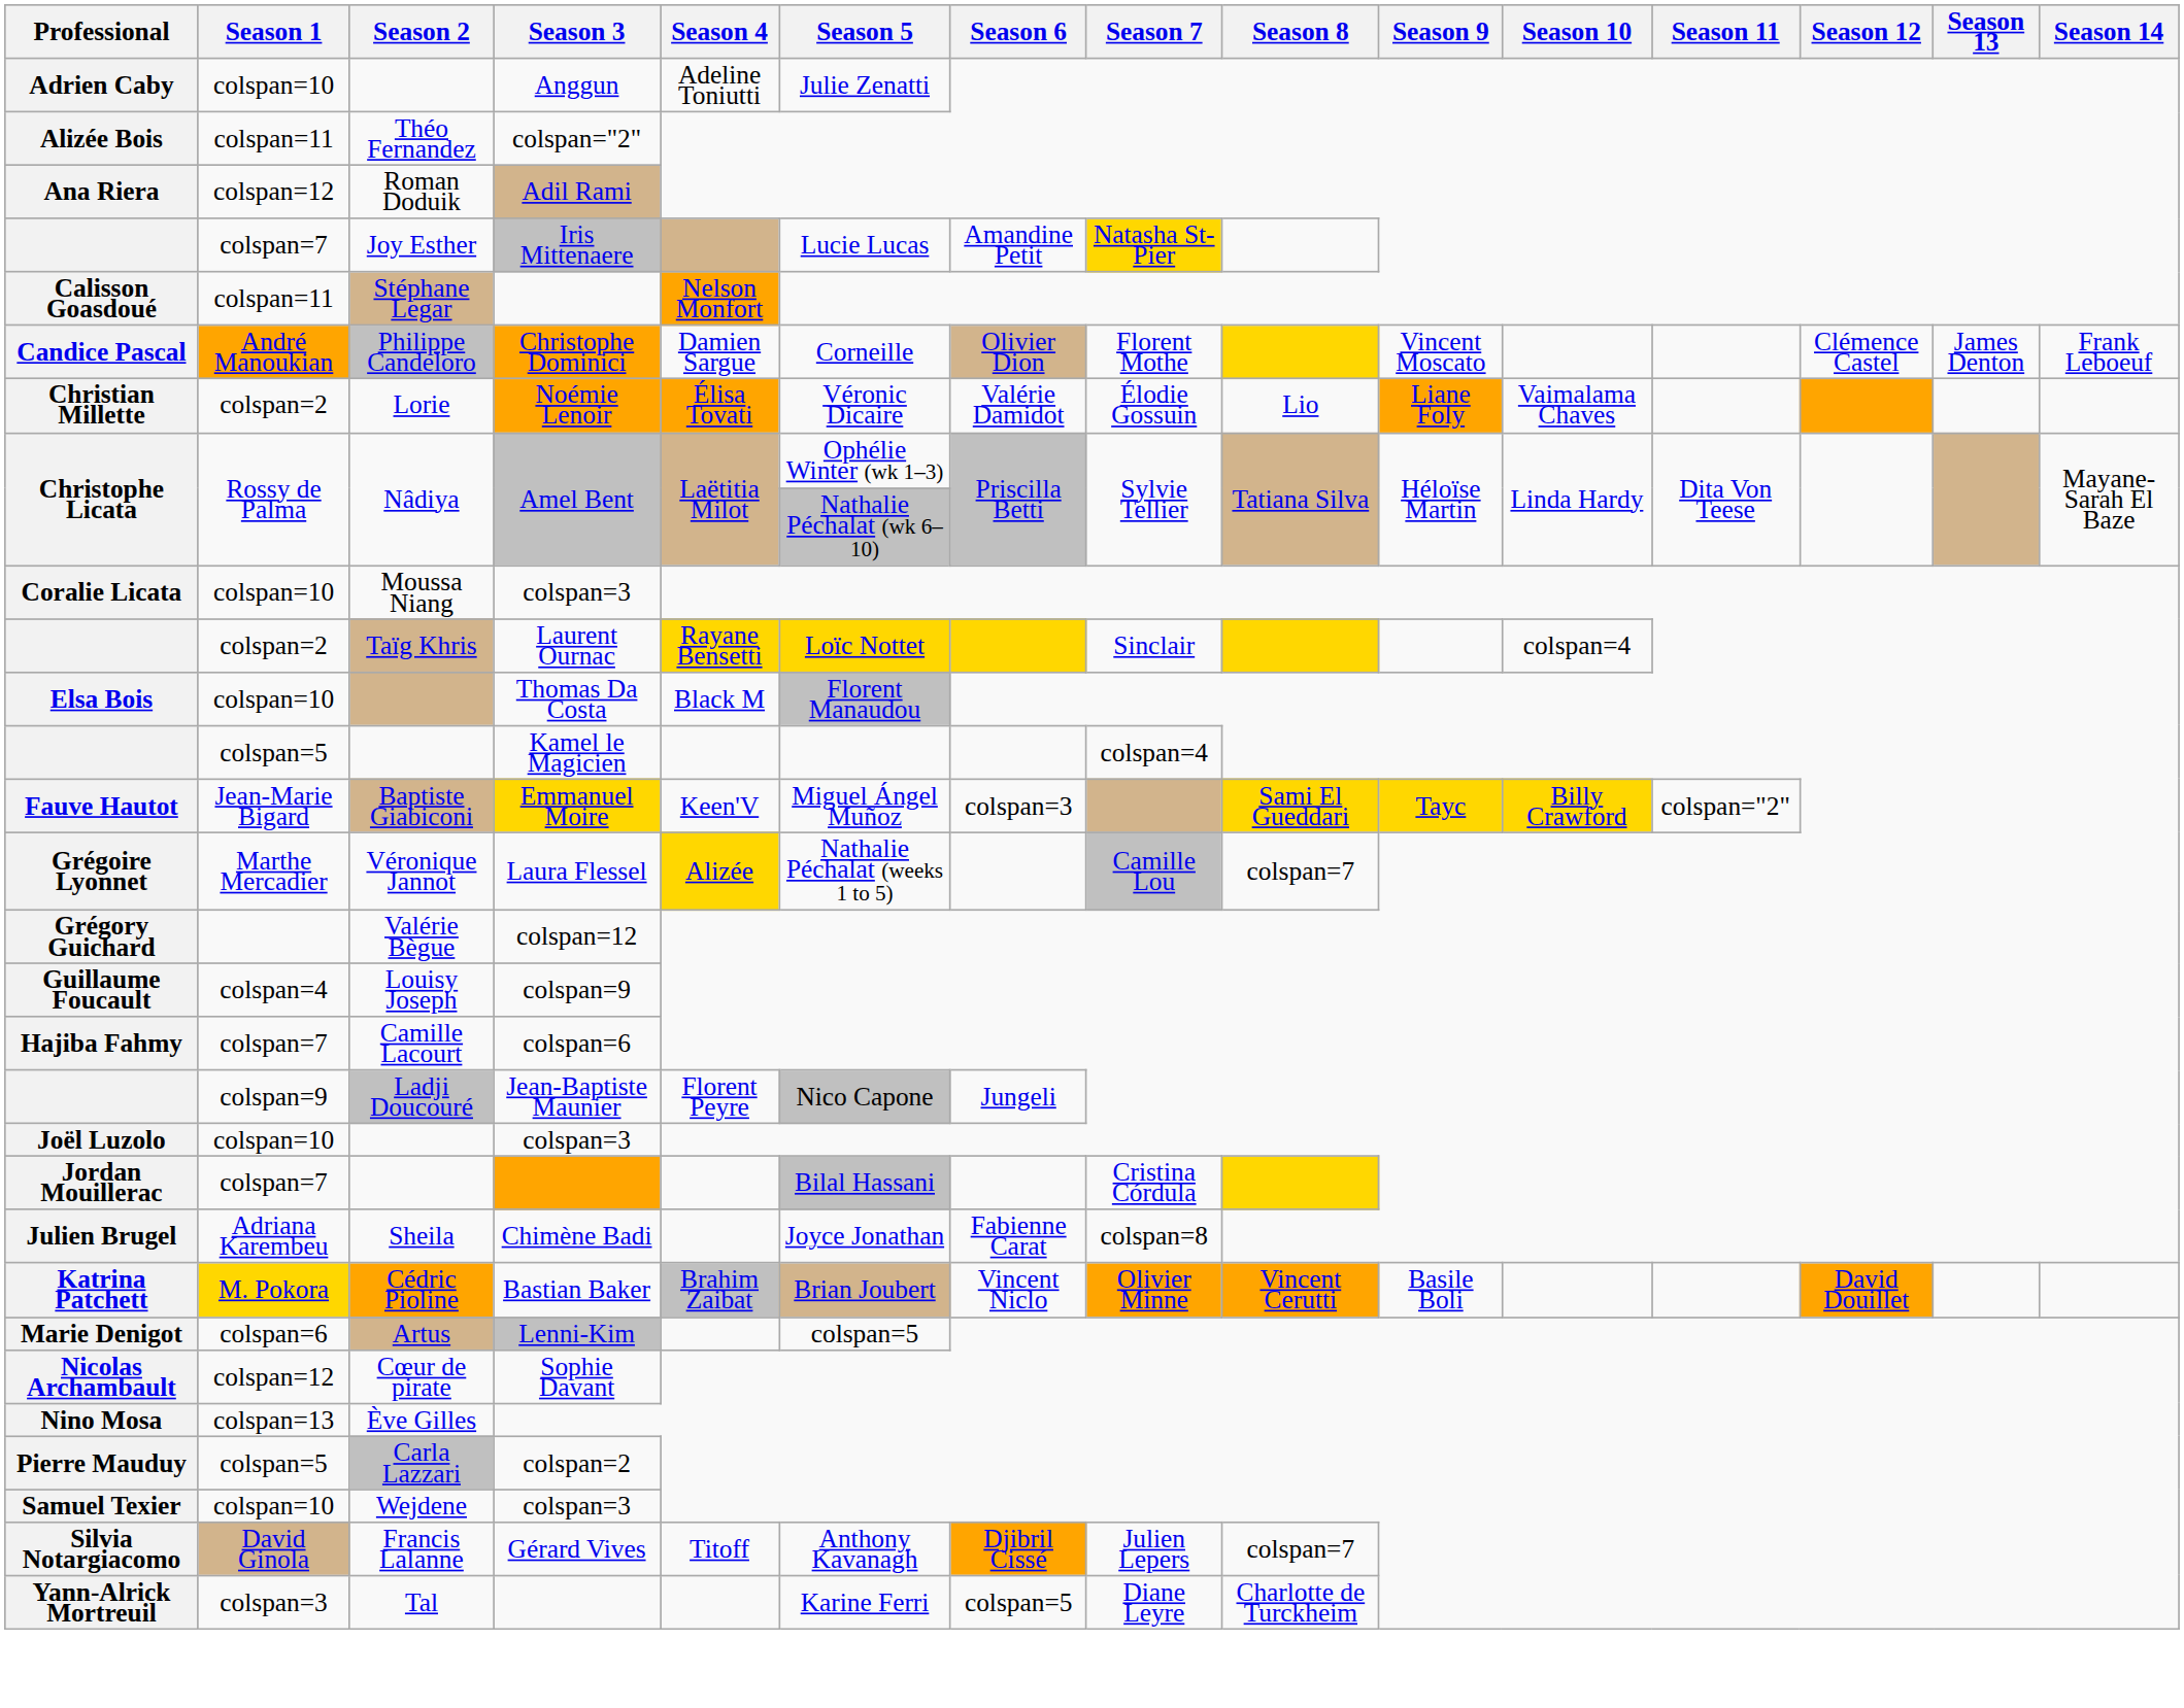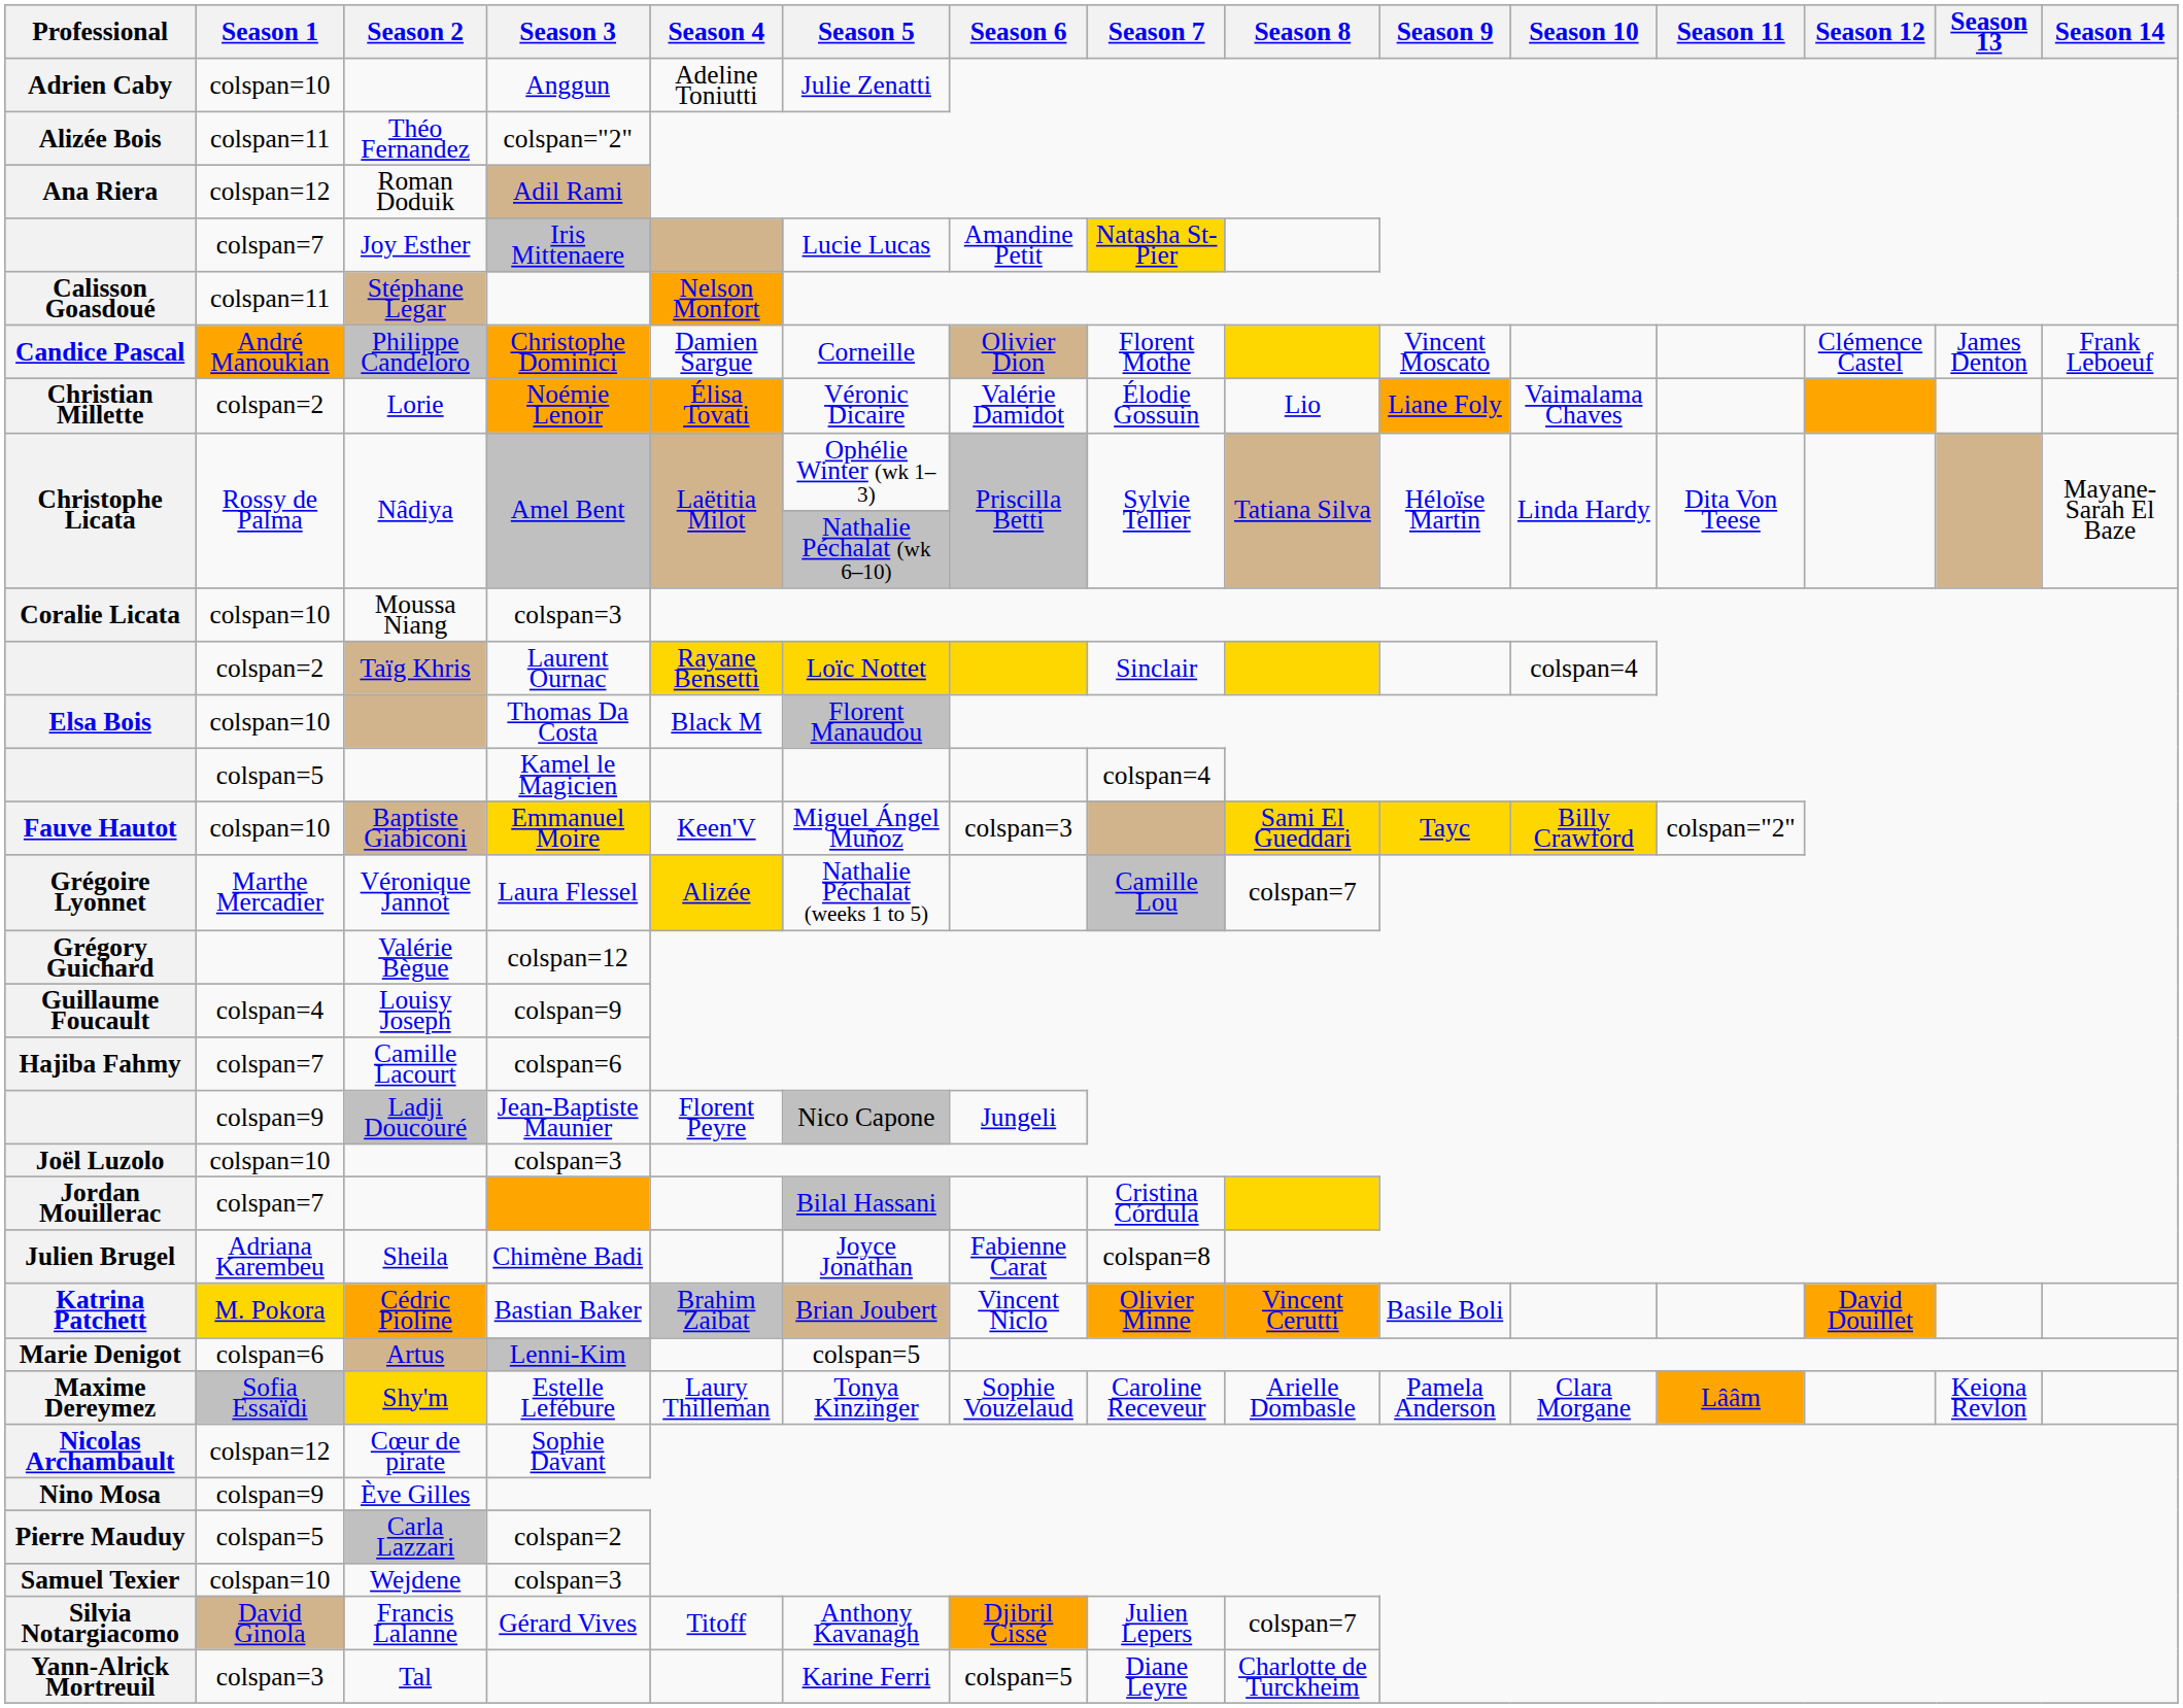 <table class="wikitable sortable collapsible" style="margin:auto; font-size:95%; line-height:12px; text-align:center">
 <tr>
 <th>Professional</th>
 <th><a href='#'>Season 1</a></th>
 <th><a href='#'>Season 2</a></th>
 <th><a href='#'>Season 3</a></th>
 <th><a href='#'>Season 4</a></th>
 <th><a href='#'>Season 5</a></th>
 <th><a href='#'>Season 6</a></th>
 <th><a href='#'>Season 7</a></th>
 <th><a href='#'>Season 8</a></th>
 <th><a href='#'>Season 9</a></th>
 <th><a href='#'>Season 10</a></th>
 <th><a href='#'>Season 11</a></th>
 <th><a href='#'>Season 12</a></th>
 <th><a href='#'>Season 13</a></th>
 <th><a href='#'>Season 14</a></th>
 </tr>
 <tr>
 <th>Adrien Caby</th>
 <td>colspan=10 </td>
 <td></td>
 <td><a href='#'>Anggun</a></td>
 <td>Adeline Toniutti</td>
 <td><a href='#'>Julie Zenatti</a></td>
 </tr>
 <tr>
 <th>Alizée Bois</th>
 <td>colspan=11 </td>
 <td><a href='#'>Théo Fernandez</a></td>
 <td>colspan="2" </td>
 </tr>
 <tr>
 <th>Ana Riera</th>
 <td>colspan=12 </td>
 <td>Roman Doduik</td>
 <td style="background:tan"><a href='#'>Adil Rami</a></td>
 </tr>
 <tr>
 <th></th>
 <td>colspan=7 </td>
 <td><a href='#'>Joy Esther</a></td>
 <td style="background:silver"><a href='#'>Iris Mittenaere</a></td>
 <td style="background:tan"></td>
 <td><a href='#'>Lucie Lucas</a></td>
 <td><a href='#'>Amandine Petit</a></td>
 <td style="background:gold"><a href='#'>Natasha St-Pier</a></td>
 <td></td>
 </tr>
 <tr>
 <th>Calisson Goasdoué</th>
 <td>colspan=11 </td>
 <td style="background:tan"><a href='#'>Stéphane Legar</a></td>
 <td></td>
 <td style="background:orange"><a href='#'>Nelson Monfort</a></td>
 </tr>
 <tr>
 <th><a href='#'>Candice Pascal</a></th>
 <td style="background:orange"><a href='#'>André Manoukian</a></td>
 <td style="background:silver"><a href='#'>Philippe Candeloro</a></td>
 <td style="background:orange"><a href='#'>Christophe Dominici</a></td>
 <td><a href='#'>Damien Sargue</a></td>
 <td><a href='#'>Corneille</a></td>
 <td style="background:tan"><a href='#'>Olivier Dion</a></td>
 <td><a href='#'>Florent Mothe</a></td>
 <td style="background:gold"></td>
 <td><a href='#'>Vincent Moscato</a></td>
 <td></td>
 <td></td>
 <td><a href='#'>Clémence Castel</a></td>
 <td><a href='#'>James Denton</a></td>
 <td><a href='#'>Frank Leboeuf</a></td>
 </tr>
 <tr>
 <th>Christian Millette</th>
 <td>colspan=2 </td>
 <td><a href='#'>Lorie</a></td>
 <td style="background:orange"><a href='#'>Noémie Lenoir</a></td>
 <td style="background:orange"><a href='#'>Élisa Tovati</a></td>
 <td><a href='#'>Véronic Dicaire</a></td>
 <td><a href='#'>Valérie Damidot</a></td>
 <td><a href='#'>Élodie Gossuin</a></td>
 <td><a href='#'>Lio</a></td>
 <td style="background:orange"><a href='#'>Liane Foly</a></td>
 <td><a href='#'>Vaimalama Chaves</a></td>
 <td></td>
 <td style="background:orange"></td>
 <td></td>
 </tr>
 <tr>
 <th rowspan="2">Christophe Licata</th>
 <td rowspan="2"><a href='#'>Rossy de Palma</a></td>
 <td rowspan="2"><a href='#'>Nâdiya</a></td>
 <td style="background:silver" rowspan="2"><a href='#'>Amel Bent</a></td>
 <td style="background:tan" rowspan="2"><a href='#'>Laëtitia Milot</a></td>
 <td><a href='#'>Ophélie Winter</a> <small>(wk 1–3)</small></td>
 <td rowspan="2" style="background:silver"><a href='#'>Priscilla Betti</a></td>
 <td rowspan="2"><a href='#'>Sylvie Tellier</a></td>
 <td rowspan="2" style="background:tan"><a href='#'>Tatiana Silva</a></td>
 <td rowspan="2"><a href='#'>Héloïse Martin</a></td>
 <td rowspan="2"><a href='#'>Linda Hardy</a></td>
 <td rowspan="2"><a href='#'>Dita Von Teese</a></td>
 <td rowspan="2"></td>
 <td rowspan="2" style="background:tan"></td>
 <td rowspan="2">Mayane-Sarah El Baze</td>
 </tr>
 <tr>
 <td style="background:silver"><a href='#'>Nathalie Péchalat</a> <small>(wk 6–10) </small></td>
 </tr>
 <tr>
 <th>Coralie Licata</th>
 <td>colspan=10 </td>
 <td>Moussa Niang</td>
 <td>colspan=3 </td>
 </tr>
 <tr>
 <th></th>
 <td>colspan=2 </td>
 <td style="background:tan"><a href='#'>Taïg Khris</a></td>
 <td><a href='#'>Laurent Ournac</a></td>
 <td style="background:gold"><a href='#'>Rayane Bensetti</a></td>
 <td style="background:gold"><a href='#'>Loïc Nottet</a></td>
 <td style="background:gold"></td>
 <td><a href='#'>Sinclair</a></td>
 <td style="background:gold"></td>
 <td></td>
 <td>colspan=4 </td>
 </tr>
 <tr>
 <th><a href='#'>Elsa Bois</a></th>
 <td>colspan=10 </td>
 <td style="background:tan"></td>
 <td><a href='#'>Thomas Da Costa</a></td>
 <td><a href='#'>Black M</a></td>
 <td style="background:silver"><a href='#'>Florent Manaudou</a></td>
 </tr>
 <tr>
 <th></th>
 <td>colspan=5 </td>
 <td></td>
 <td><a href='#'>Kamel le Magicien</a></td>
 <td></td>
 <td></td>
 <td></td>
 <td>colspan=4 </td>
 </tr>
 <tr>
 <th><a href='#'>Fauve Hautot</a></th>
-<td><a href='#'>Jean-Marie Bigard</a></td>
+<td>colspan=10 </td>
 <td style="background:tan"><a href='#'>Baptiste Giabiconi</a></td>
 <td style="background:gold"><a href='#'>Emmanuel Moire</a></td>
 <td><a href='#'>Keen'V</a></td>
 <td><a href='#'>Miguel Ángel Muñoz</a></td>
 <td>colspan=3 </td>
 <td style="background:tan"></td>
 <td style="background:gold"><a href='#'>Sami El Gueddari</a></td>
 <td style="background:gold"><a href='#'>Tayc</a></td>
 <td style="background:gold"><a href='#'>Billy Crawford</a></td>
 <td>colspan="2" </td>
 </tr>
 <tr>
 <th>Grégoire Lyonnet</th>
 <td><a href='#'>Marthe Mercadier</a></td>
 <td><a href='#'>Véronique Jannot</a></td>
 <td><a href='#'>Laura Flessel</a></td>
 <td style="background:gold"><a href='#'>Alizée</a></td>
 <td><a href='#'>Nathalie Péchalat</a> <small>(weeks 1 to 5)</small></td>
 <td></td>
 <td style="background:silver"><a href='#'>Camille Lou</a></td>
 <td>colspan=7 </td>
 </tr>
 <tr>
 <th>Grégory Guichard</th>
 <td></td>
 <td><a href='#'>Valérie Bègue</a></td>
 <td>colspan=12 </td>
 </tr>
 <tr>
 <th>Guillaume Foucault</th>
 <td>colspan=4 </td>
 <td><a href='#'>Louisy Joseph</a></td>
 <td>colspan=9 </td>
 </tr>
 <tr>
 <th>Hajiba Fahmy</th>
 <td>colspan=7 </td>
 <td><a href='#'>Camille Lacourt</a></td>
 <td>colspan=6 </td>
 </tr>
 <tr>
 <th></th>
 <td>colspan=9 </td>
 <td style="background:silver"><a href='#'>Ladji Doucouré</a></td>
 <td><a href='#'>Jean-Baptiste Maunier</a></td>
 <td><a href='#'>Florent Peyre</a></td>
 <td style="background:silver">Nico Capone</td>
 <td><a href='#'>Jungeli</a></td>
 </tr>
 <tr>
 <th>Joël Luzolo</th>
 <td>colspan=10 </td>
 <td></td>
 <td>colspan=3 </td>
 </tr>
 <tr>
 <th>Jordan Mouillerac</th>
 <td>colspan=7 </td>
 <td></td>
 <td style="background:orange"></td>
 <td></td>
 <td style="background:silver"><a href='#'>Bilal Hassani</a></td>
 <td></td>
 <td><a href='#'>Cristina Córdula</a></td>
 <td style="background:gold"></td>
 </tr>
 <tr>
 <th>Julien Brugel</th>
 <td><a href='#'>Adriana Karembeu</a></td>
 <td><a href='#'>Sheila</a></td>
 <td><a href='#'>Chimène Badi</a></td>
 <td></td>
 <td><a href='#'>Joyce Jonathan</a></td>
 <td><a href='#'>Fabienne Carat</a></td>
 <td>colspan=8 </td>
 </tr>
 <tr>
 <th><a href='#'>Katrina Patchett</a></th>
 <td style="background:gold"><a href='#'>M. Pokora</a></td>
 <td style="background:orange"><a href='#'>Cédric Pioline</a></td>
 <td><a href='#'>Bastian Baker</a></td>
 <td style="background:silver"><a href='#'>Brahim Zaibat</a></td>
 <td style="background:tan"><a href='#'>Brian Joubert</a></td>
 <td><a href='#'>Vincent Niclo</a></td>
 <td style="background:orange"><a href='#'>Olivier Minne</a></td>
 <td style="background:orange"><a href='#'>Vincent Cerutti</a></td>
 <td><a href='#'>Basile Boli</a></td>
 <td></td>
 <td></td>
 <td style="background:orange"><a href='#'>David Douillet</a></td>
 <td></td>
 <td></td>
 </tr>
 <tr>
 <th>Marie Denigot</th>
 <td>colspan=6 </td>
 <td style="background:tan"><a href='#'>Artus</a></td>
 <td style="background:silver"><a href='#'>Lenni-Kim</a></td>
 <td></td>
 <td>colspan=5 </td>
 </tr>
 <tr>
+<th>Maxime Dereymez</th>
+<td style="background:silver"><a href='#'>Sofia Essaïdi</a></td>
+<td style="background:gold"><a href='#'>Shy'm</a></td>
+<td><a href='#'>Estelle Lefébure</a></td>
+<td><a href='#'>Laury Thilleman</a></td>
+<td><a href='#'>Tonya Kinzinger</a></td>
+<td><a href='#'>Sophie Vouzelaud</a></td>
+<td><a href='#'>Caroline Receveur</a></td>
+<td><a href='#'>Arielle Dombasle</a></td>
+<td><a href='#'>Pamela Anderson</a></td>
+<td><a href='#'>Clara Morgane</a></td>
+<td style="background:orange"><a href='#'>Lââm</a></td>
+<td></td>
+<td><a href='#'>Keiona Revlon</a></td>
+<td></td>
+</tr>
+<tr>
 <th><a href='#'>Nicolas Archambault</a></th>
 <td>colspan=12 </td>
 <td><a href='#'>Cœur de pirate</a></td>
 <td><a href='#'>Sophie Davant</a></td>
 </tr>
 <tr>
 <th>Nino Mosa</th>
-<td>colspan=13 </td>
+<td>colspan=9 </td>
 <td><a href='#'>Ève Gilles</a></td>
 </tr>
 <tr>
 <th>Pierre Mauduy</th>
 <td>colspan=5 </td>
 <td style="background:silver"><a href='#'>Carla Lazzari</a></td>
 <td>colspan=2 </td>
 </tr>
 <tr>
 <th>Samuel Texier</th>
 <td>colspan=10 </td>
 <td><a href='#'>Wejdene</a></td>
 <td>colspan=3 </td>
 </tr>
 <tr>
 <th>Silvia Notargiacomo</th>
 <td style="background:tan"><a href='#'>David Ginola</a></td>
 <td><a href='#'>Francis Lalanne</a></td>
 <td><a href='#'>Gérard Vives</a></td>
 <td><a href='#'>Titoff</a></td>
 <td><a href='#'>Anthony Kavanagh</a></td>
 <td style="background:orange"><a href='#'>Djibril Cissé</a></td>
 <td><a href='#'>Julien Lepers</a></td>
 <td>colspan=7 </td>
 </tr>
 <tr>
 <th>Yann-Alrick Mortreuil</th>
 <td>colspan=3 </td>
 <td><a href='#'>Tal</a></td>
 <td></td>
 <td></td>
 <td><a href='#'>Karine Ferri</a></td>
 <td>colspan=5 </td>
 <td><a href='#'>Diane Leyre</a></td>
 <td><a href='#'>Charlotte de Turckheim</a></td>
 </tr>
 </table>
